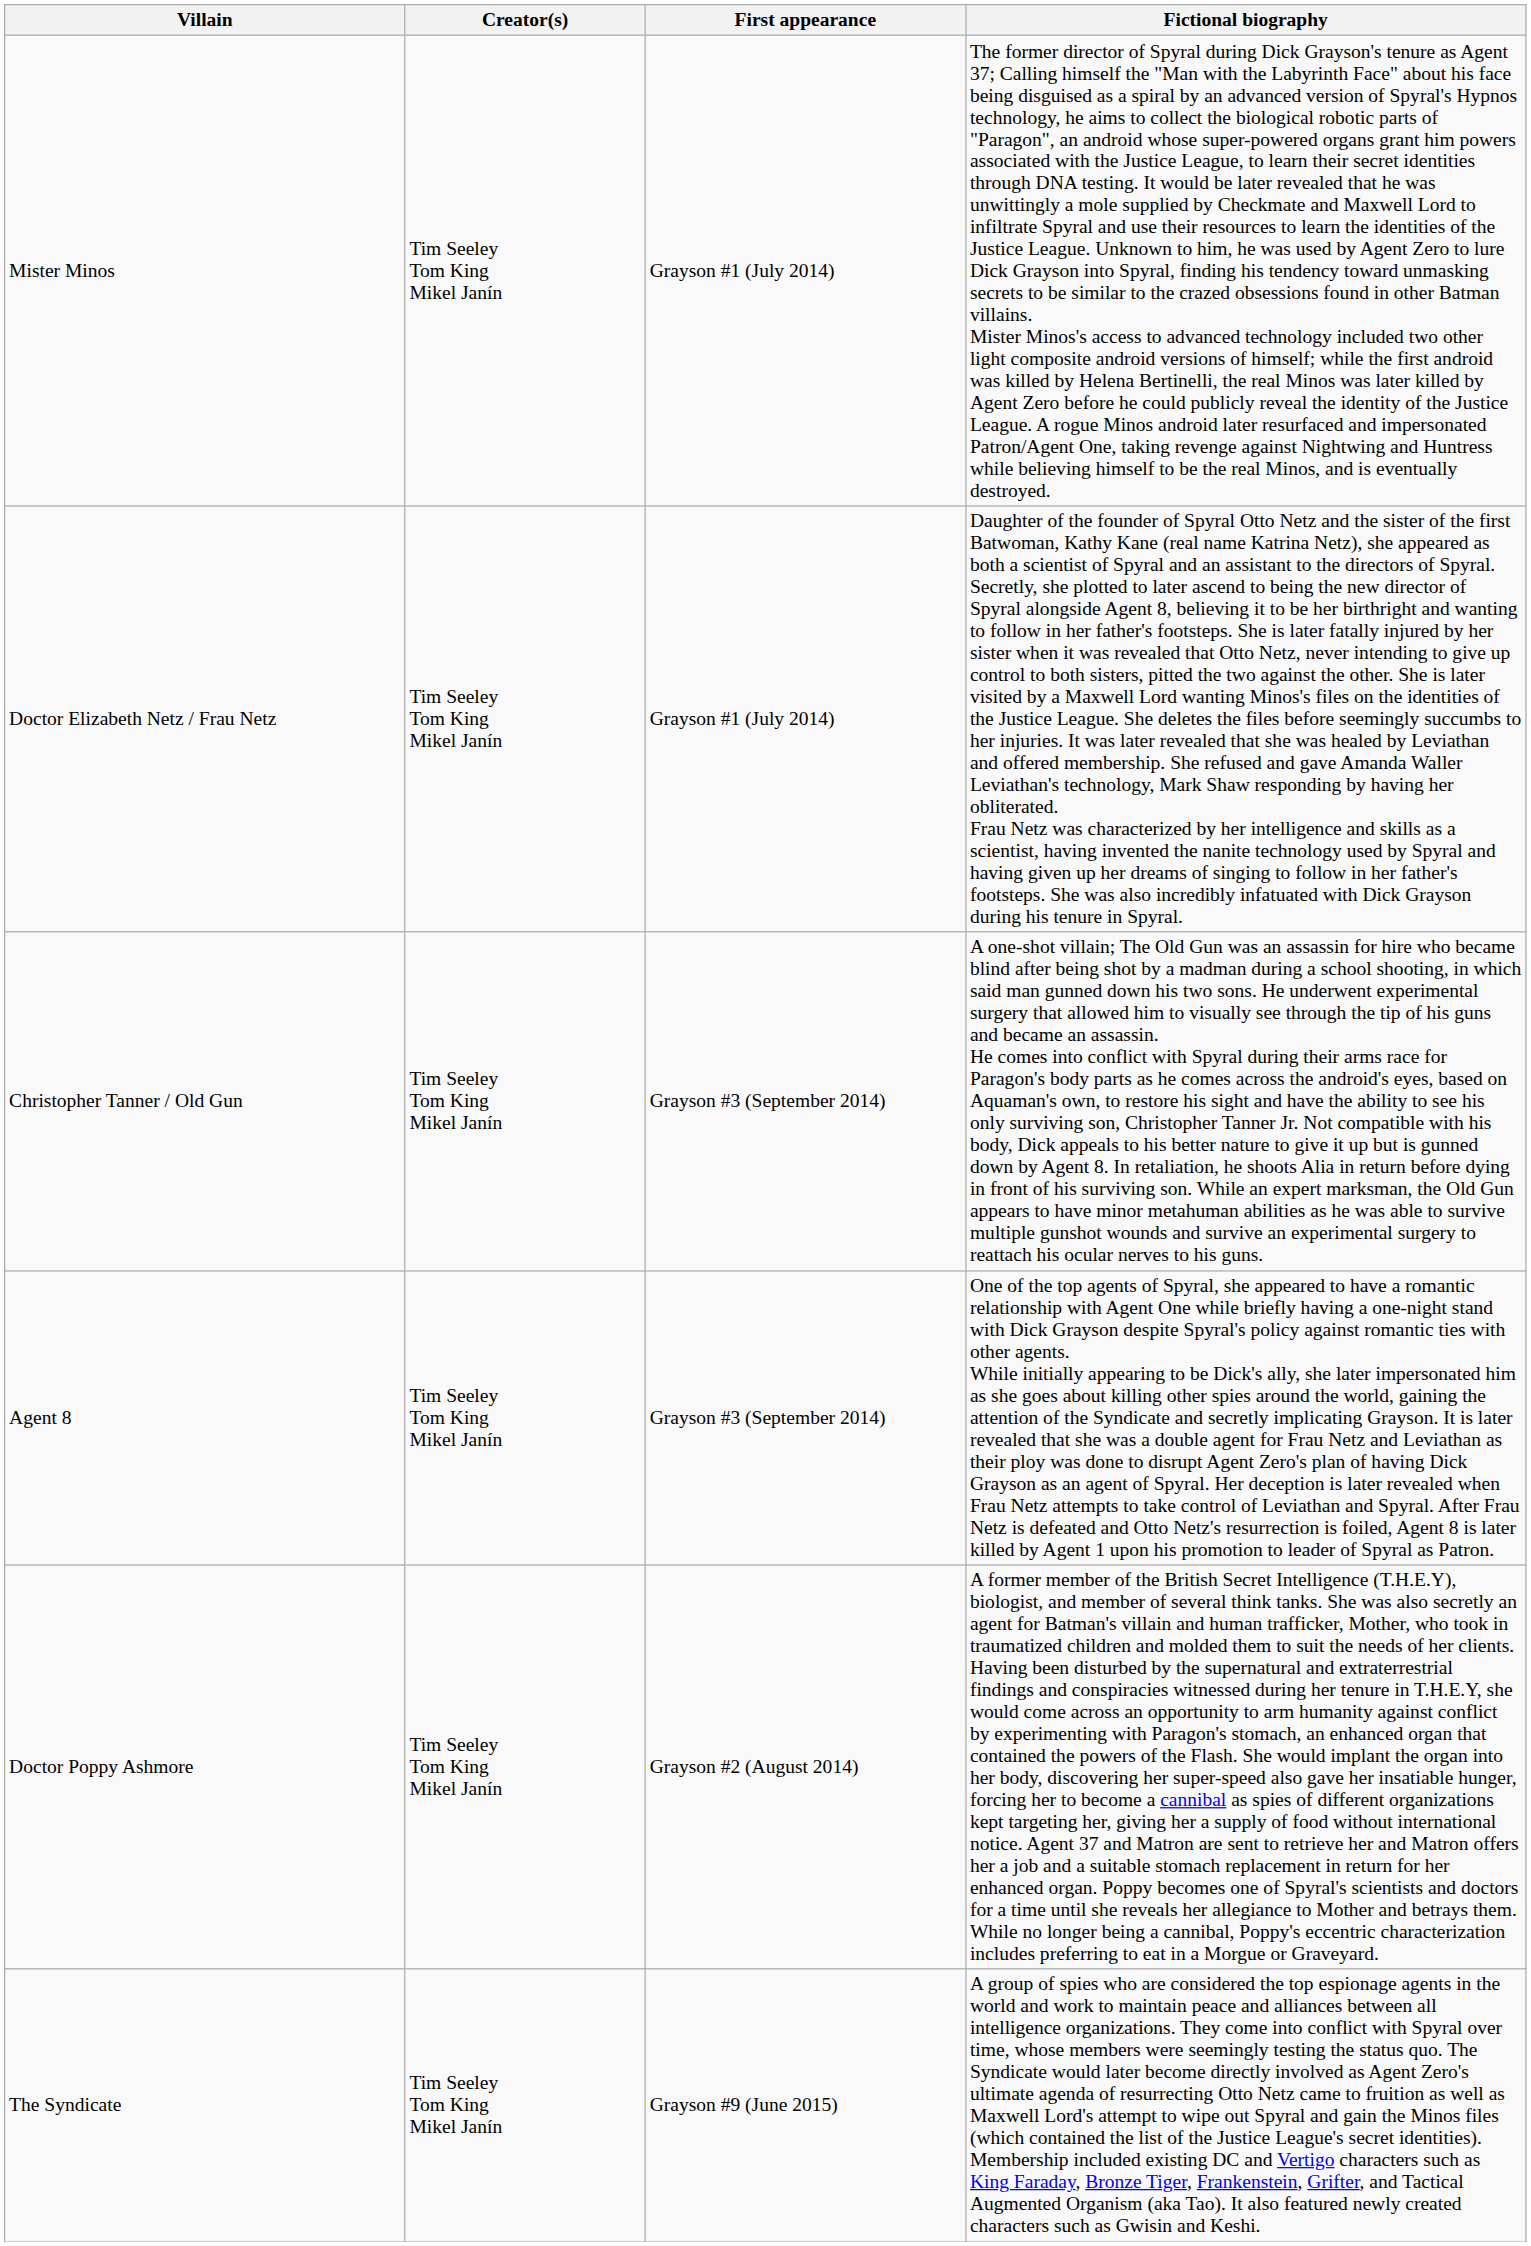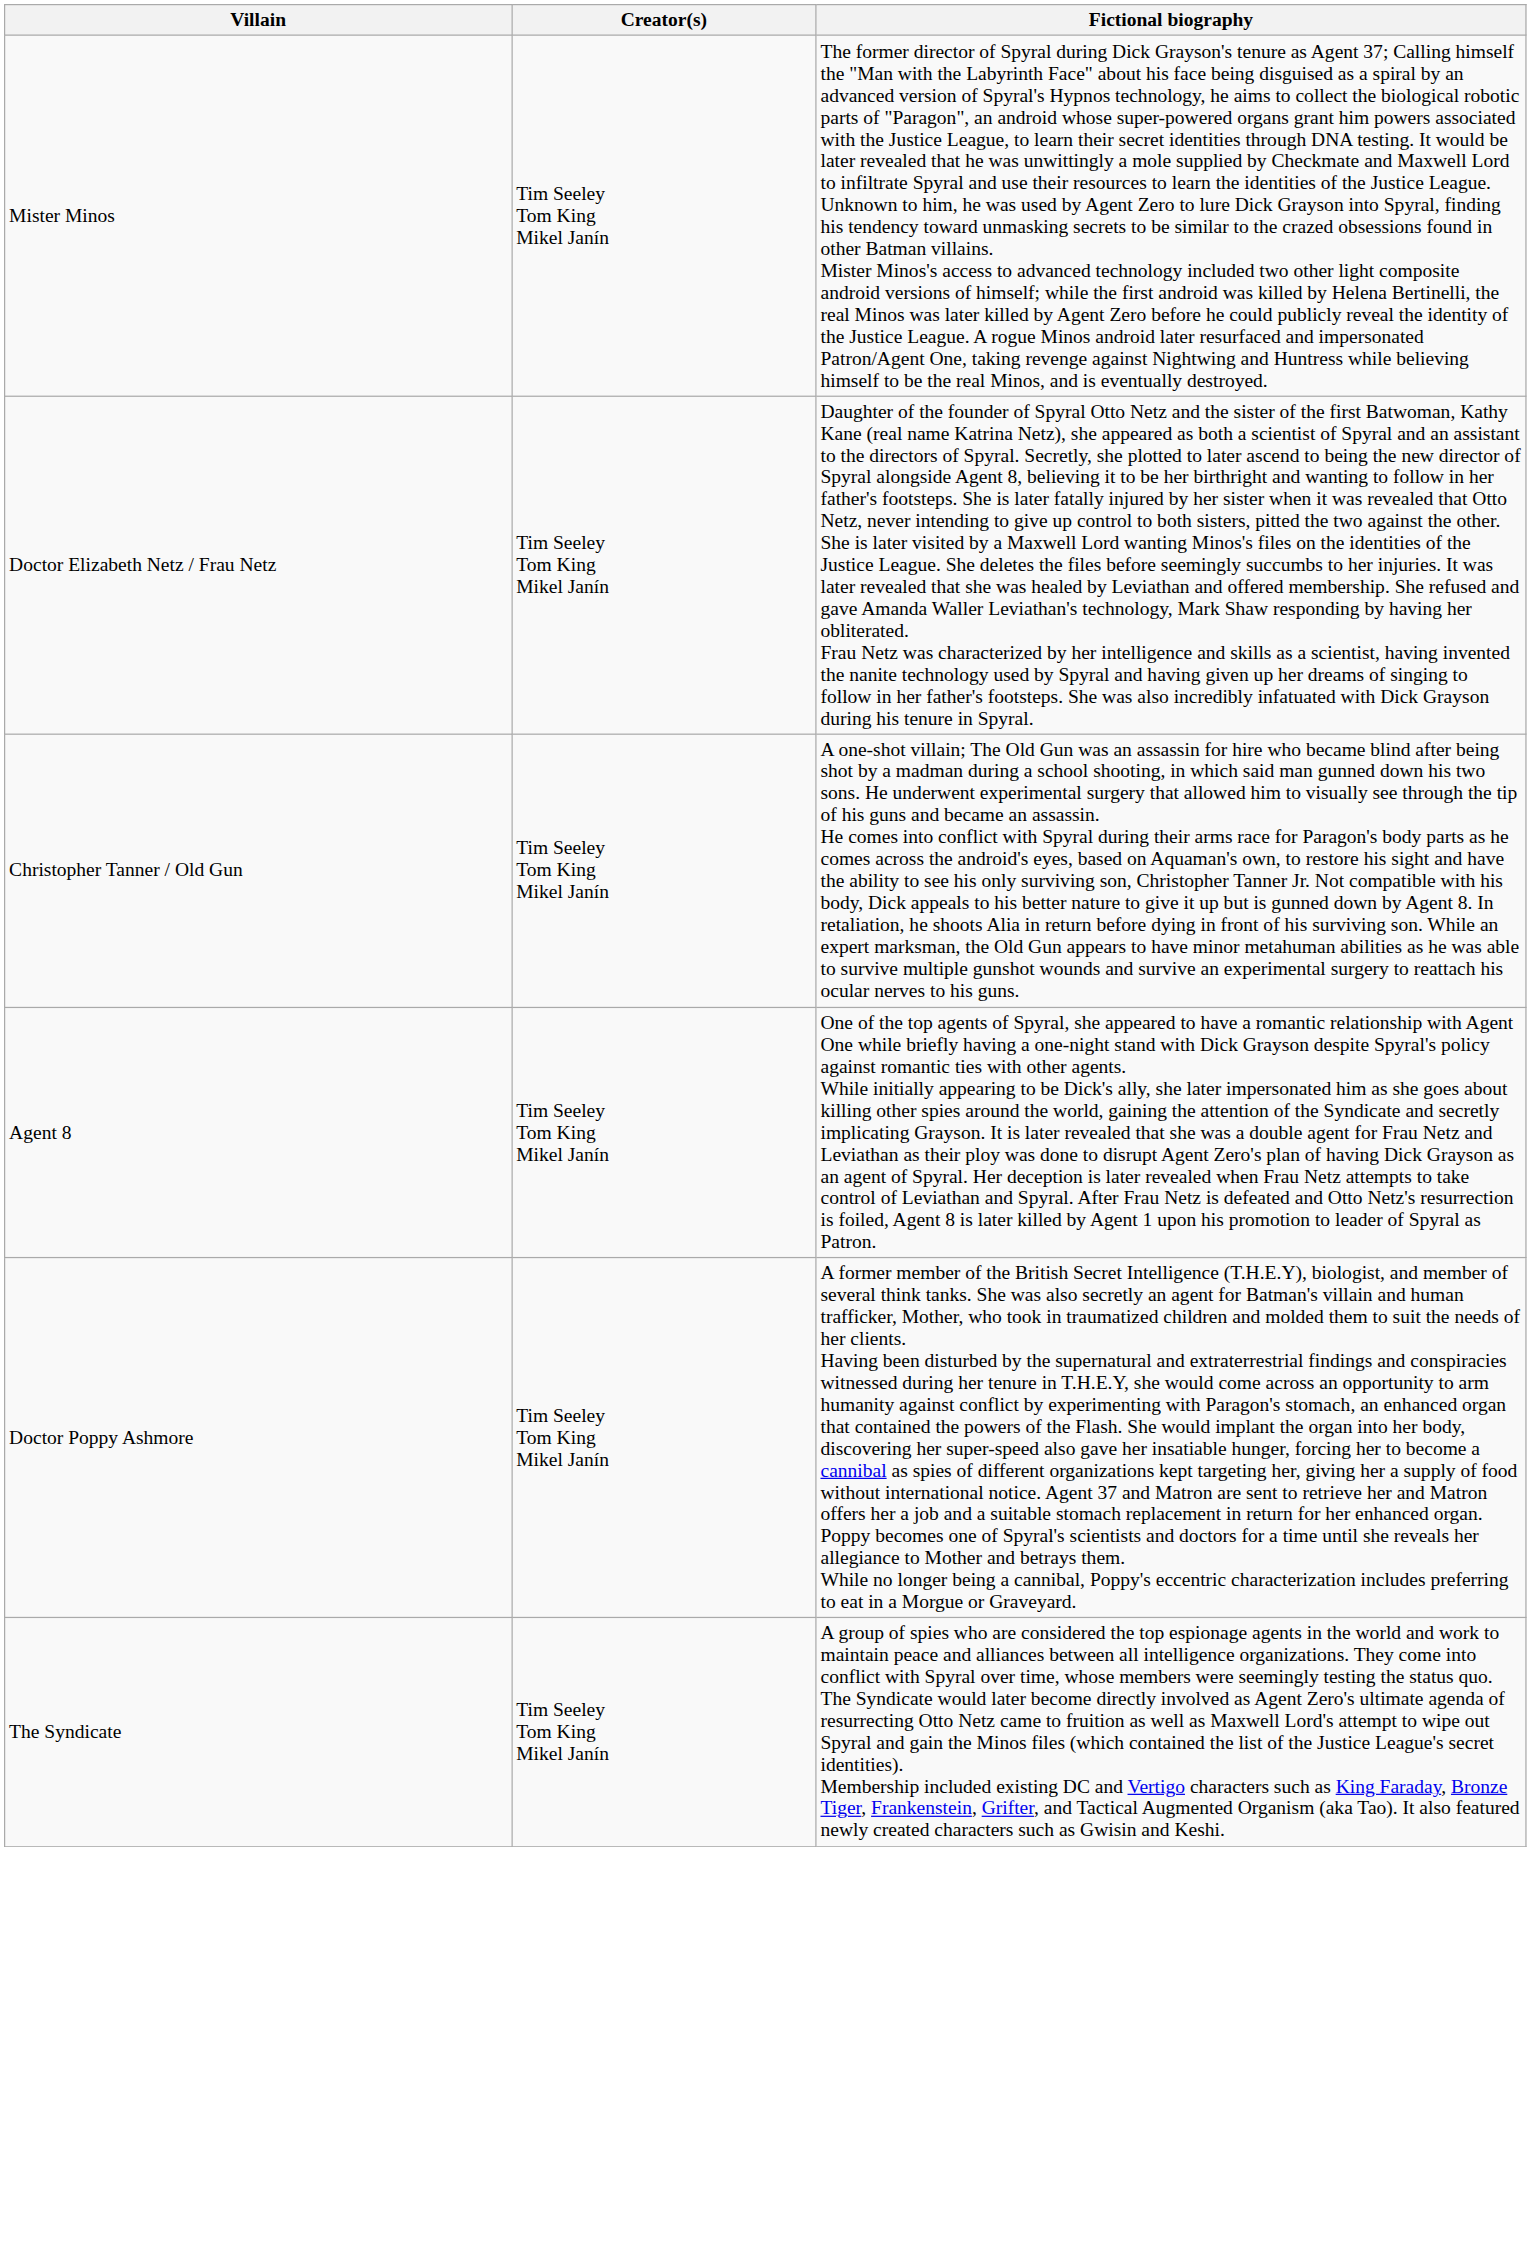 <table class="wikitable">
 <tr>
 <th style="width:25%">Villain</th>
 <th style="width:15%;">Creator(s)</th>
-<th style="width:20%;">First appearance</th>
 <th style="width:35%;">Fictional biography</th>
 </tr>
 <tr>
 <td>Mister Minos</td>
 <td>Tim Seeley<br>Tom King<br>Mikel Janín</td>
-<td>Grayson #1 (July 2014)</td>
 <td>The former director of Spyral during Dick Grayson's tenure as Agent 37; Calling himself the "Man with the Labyrinth Face" about his face being disguised as a spiral by an advanced version of Spyral's Hypnos technology, he aims to collect the biological robotic parts of "Paragon", an android whose super-powered organs grant him powers associated with the Justice League, to learn their secret identities through DNA testing.  It would be later revealed that he was unwittingly a mole supplied by Checkmate and Maxwell Lord to infiltrate Spyral and use their resources to learn the identities of the Justice League. Unknown to him, he was used by Agent Zero to lure Dick Grayson into Spyral, finding his tendency toward unmasking secrets to be similar to the crazed obsessions found in other Batman villains.<br>Mister Minos's access to advanced technology included two other light composite android versions of himself; while the first android was killed by Helena Bertinelli, the real Minos was later killed by Agent Zero before he could publicly reveal the identity of the Justice League. A rogue Minos android later resurfaced and impersonated Patron/Agent One, taking revenge against Nightwing and Huntress while believing himself to be the real Minos, and is eventually destroyed.</td>
 </tr>
 <tr>
 <td>Doctor Elizabeth Netz / Frau Netz</td>
 <td>Tim Seeley<br>Tom King<br>Mikel Janín</td>
-<td>Grayson #1 (July 2014)</td>
 <td>Daughter of the founder of Spyral Otto Netz and the sister of the first Batwoman, Kathy Kane (real name Katrina Netz), she appeared as both a scientist of Spyral and an assistant to the directors of Spyral. Secretly, she plotted to later ascend to being the new director of Spyral alongside Agent 8, believing it to be her birthright and wanting to follow in her father's footsteps. She is later fatally injured by her sister when it was revealed that Otto Netz, never intending to give up control to both sisters, pitted the two against the other. She is later visited by a Maxwell Lord wanting Minos's files on the identities of the Justice League. She deletes the files before seemingly succumbs to her injuries. It was later revealed that she was healed by Leviathan and offered membership. She refused and gave Amanda Waller Leviathan's technology, Mark Shaw responding by having her obliterated.<br>Frau Netz was characterized by her intelligence and skills as a scientist, having invented the nanite technology used by Spyral and having given up her dreams of singing to follow in her father's footsteps. She was also incredibly infatuated with Dick Grayson during his tenure in Spyral.</td>
 </tr>
 <tr>
 <td>Christopher Tanner / Old Gun</td>
 <td>Tim Seeley<br>Tom King<br>Mikel Janín</td>
-<td>Grayson #3 (September 2014)</td>
 <td>A one-shot villain; The Old Gun was an assassin for hire who became blind after being shot by a madman during a school shooting, in which said man gunned down his two sons. He underwent experimental surgery that allowed him to visually see through the tip of his guns and became an assassin.<br>He comes into conflict with Spyral during their arms race for Paragon's body parts as he comes across the android's eyes, based on Aquaman's own, to restore his sight and have the ability to see his only surviving son, Christopher Tanner Jr. Not compatible with his body, Dick appeals to his better nature to give it up but is gunned down by Agent 8. In retaliation, he shoots Alia in return before dying in front of his surviving son. While an expert marksman, the Old Gun appears to have minor metahuman abilities as he was able to survive multiple gunshot wounds and survive an experimental surgery to reattach his ocular nerves to his guns.</td>
 </tr>
 <tr>
 <td>Agent 8</td>
 <td>Tim Seeley<br>Tom King<br>Mikel Janín</td>
-<td>Grayson #3 (September 2014)</td>
 <td>One of the top agents of Spyral, she appeared to have a romantic relationship with Agent One while briefly having a one-night stand with Dick Grayson despite Spyral's policy against romantic ties with other agents.<br>While initially appearing to be Dick's ally, she later impersonated him as she goes about killing other spies around the world, gaining the attention of the Syndicate and secretly implicating Grayson. It is later revealed that she was a double agent for Frau Netz and Leviathan as their ploy was done to disrupt Agent Zero's plan of having Dick Grayson as an agent of Spyral. Her deception is later revealed when Frau Netz attempts to take control of Leviathan and Spyral. After Frau Netz is defeated and Otto Netz's resurrection is foiled, Agent 8 is later killed by Agent 1 upon his promotion to leader of Spyral as Patron.</td>
 </tr>
 <tr>
 <td>Doctor Poppy Ashmore</td>
 <td>Tim Seeley<br>Tom King<br>Mikel Janín</td>
-<td>Grayson #2 (August 2014)</td>
 <td>A former member of the British Secret Intelligence (T.H.E.Y), biologist, and member of several think tanks. She was also secretly an agent for Batman's villain and human trafficker, Mother, who took in traumatized children and molded them to suit the needs of her clients.<br>Having been disturbed by the supernatural and extraterrestrial findings and conspiracies witnessed during her tenure in T.H.E.Y, she would come across an opportunity to arm humanity against conflict by experimenting with Paragon's stomach, an enhanced organ that contained the powers of the Flash. She would implant the organ into her body, discovering her super-speed also gave her insatiable hunger, forcing her to become a <a href='#'>cannibal</a> as spies of different organizations kept targeting her, giving her a supply of food without international notice. Agent 37 and Matron are sent to retrieve her and Matron offers her a job and a suitable stomach replacement in return for her enhanced organ. Poppy becomes one of Spyral's scientists and doctors for a time until she reveals her allegiance to Mother and betrays them.<br>While no longer being a cannibal, Poppy's eccentric characterization includes preferring to eat in a Morgue or Graveyard.</td>
 </tr>
 <tr>
 <td>The Syndicate</td>
 <td>Tim Seeley<br>Tom King<br>Mikel Janín</td>
-<td>Grayson #9 (June 2015)</td>
 <td>A group of spies who are considered the top espionage agents in the world and work to maintain peace and alliances between all intelligence organizations. They come into conflict with Spyral over time, whose members were seemingly testing the status quo. The Syndicate would later become directly involved as  Agent Zero's ultimate agenda of resurrecting Otto Netz came to fruition as well as Maxwell Lord's attempt to wipe out Spyral and gain the Minos files (which contained the list of the Justice League's secret identities).<br>Membership included existing DC and <a href='#'>Vertigo</a> characters such as <a href='#'>King Faraday</a>, <a href='#'>Bronze Tiger</a>, <a href='#'>Frankenstein</a>, <a href='#'>Grifter</a>, and Tactical Augmented Organism (aka Tao). It also featured newly created characters such as Gwisin and Keshi.</td>
 </tr>
 </table>
